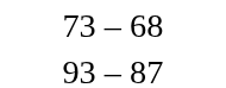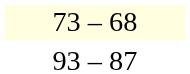 <table style="text-align:center">
 <tr>
 <th width=200></th>
 <th width=100></th>
 <th width=200></th>
 <th></th>
 </tr>
 <tr>
 <td align=right><strong></strong></td>
-<td>73 – 68</td>
+<td style="background: lightyellow;">73 – 68</td>
 <td align=left></td>
 </tr>
 <tr>
 <td align=right><strong></strong></td>
 <td>93 – 87</td>
 <td align=left></td>
 </tr>
 </table>
